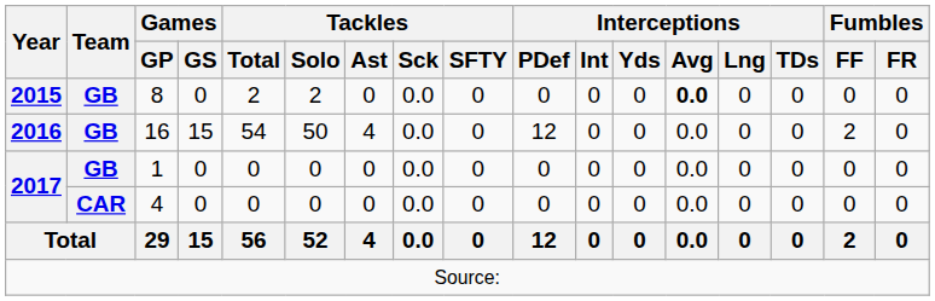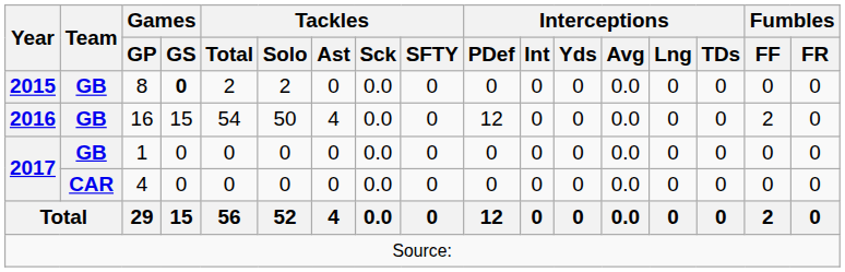 <table class="wikitable" style="text-align: center;">
 <tr>
 <th rowspan=2>Year</th>
 <th rowspan=2>Team</th>
 <th colspan=2>Games</th>
 <th colspan=5>Tackles</th>
 <th colspan=6>Interceptions</th>
 <th colspan=2>Fumbles</th>
 </tr>
 <tr>
 <th>GP</th>
 <th>GS</th>
 <th>Total</th>
 <th>Solo</th>
 <th>Ast</th>
 <th>Sck</th>
 <th>SFTY</th>
 <th>PDef</th>
 <th>Int</th>
 <th>Yds</th>
 <th>Avg</th>
 <th>Lng</th>
 <th>TDs</th>
 <th>FF</th>
 <th>FR</th>
 </tr>
 <tr>
 <th><a href='#'>2015</a></th>
 <th><a href='#'>GB</a></th>
 <td>8</td>
-<td>0</td>
+<td><strong>0</strong></td>
 <td>2</td>
 <td>2</td>
 <td>0</td>
 <td>0.0</td>
 <td>0</td>
 <td>0</td>
 <td>0</td>
 <td>0</td>
-<td><strong>0.0</strong></td>
+<td>0.0</td>
 <td>0</td>
 <td>0</td>
 <td>0</td>
 <td>0</td>
 </tr>
 <tr>
 <th><a href='#'>2016</a></th>
 <th><a href='#'>GB</a></th>
 <td>16</td>
 <td>15</td>
 <td>54</td>
 <td>50</td>
 <td>4</td>
 <td>0.0</td>
 <td>0</td>
 <td>12</td>
 <td>0</td>
 <td>0</td>
 <td>0.0</td>
 <td>0</td>
 <td>0</td>
 <td>2</td>
 <td>0</td>
 </tr>
 <tr>
 <th rowspan="2"><a href='#'>2017</a></th>
 <th><a href='#'>GB</a></th>
 <td>1</td>
 <td>0</td>
 <td>0</td>
 <td>0</td>
 <td>0</td>
 <td>0.0</td>
 <td>0</td>
 <td>0</td>
 <td>0</td>
 <td>0</td>
 <td>0.0</td>
 <td>0</td>
 <td>0</td>
 <td>0</td>
 <td>0</td>
 </tr>
 <tr>
 <th><a href='#'>CAR</a></th>
 <td>4</td>
 <td>0</td>
 <td>0</td>
 <td>0</td>
 <td>0</td>
 <td>0.0</td>
 <td>0</td>
 <td>0</td>
 <td>0</td>
 <td>0</td>
 <td>0.0</td>
 <td>0</td>
 <td>0</td>
 <td>0</td>
 <td>0</td>
 </tr>
 <tr>
 <th colspan=2>Total</th>
 <th>29</th>
 <th>15</th>
 <th>56</th>
 <th>52</th>
 <th>4</th>
 <th>0.0</th>
 <th>0</th>
 <th>12</th>
 <th>0</th>
 <th>0</th>
 <th>0.0</th>
 <th>0</th>
 <th>0</th>
 <th>2</th>
 <th>0</th>
 </tr>
 <tr>
 <td colspan="17"><small>Source: </small></td>
 </tr>
 </table>
